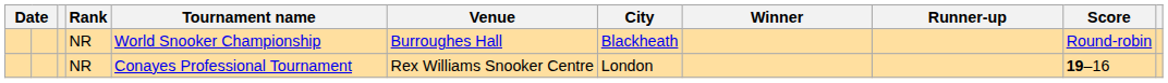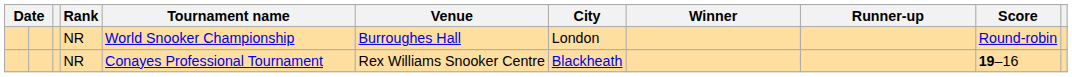 <table class="wikitable" style="font-size: 85%">
 <tr>
 <th colspan="2" width=40 align="center">Date</th>
 <th></th>
 <th>Rank</th>
 <th width=235>Tournament name</th>
 <th>Venue</th>
 <th>City</th>
 <th width=160>Winner</th>
 <th width=160>Runner-up</th>
 <th>Score</th>
 <th></th>
 </tr>
 <tr bgcolor="#ffdf9f">
 <td></td>
 <td></td>
 <td></td>
 <td>NR</td>
 <td><a href='#'>World Snooker Championship</a></td>
 <td><a href='#'>Burroughes Hall</a></td>
-<td><a href='#'>Blackheath</a></td>
+<td>London</td>
 <td></td>
 <td></td>
 <td><a href='#'>Round-robin</a></td>
 <td></td>
 </tr>
 <tr bgcolor="#ffdf9f">
 <td></td>
 <td></td>
 <td></td>
 <td>NR</td>
 <td><a href='#'>Conayes Professional Tournament</a></td>
 <td>Rex Williams Snooker Centre</td>
-<td>London</td>
+<td><a href='#'>Blackheath</a></td>
 <td></td>
 <td></td>
 <td><strong>19</strong>–16</td>
 <td></td>
 </tr>
 </table>
